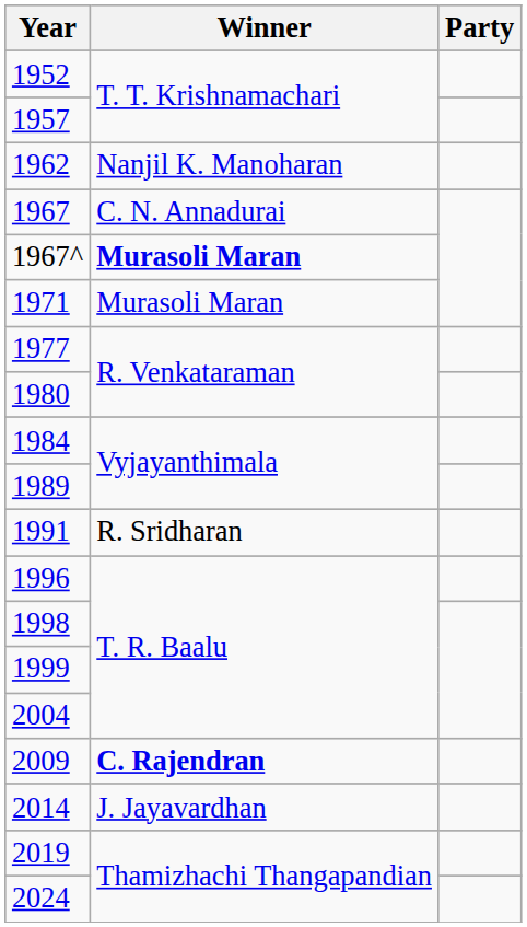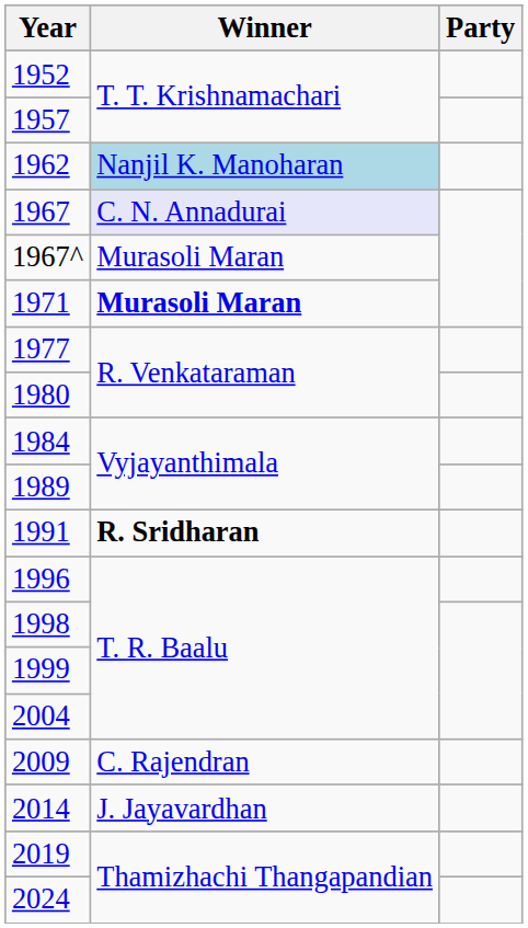 <table class="wikitable">
 <tr>
 <th>Year</th>
 <th>Winner</th>
 <th colspan=2>Party</th>
 </tr>
 <tr>
 <td><a href='#'>1952</a></td>
 <td rowspan="2"><a href='#'>T. T. Krishnamachari</a></td>
 <td></td>
 </tr>
 <tr --->
 <td><a href='#'>1957</a></td>
 </tr>
 <tr --->
 <td><a href='#'>1962</a></td>
-<td><a href='#'>Nanjil K. Manoharan</a></td>
+<td style="background: lightblue;"><a href='#'>Nanjil K. Manoharan</a></td>
 <td></td>
 </tr>
 <tr --->
 <td><a href='#'>1967</a></td>
-<td><a href='#'>C. N. Annadurai</a></td>
+<td style="background: lavender;"><a href='#'>C. N. Annadurai</a></td>
 </tr>
 <tr --->
 <td>1967^</td>
-<td><strong><a href='#'>Murasoli Maran</a></strong></td>
+<td><a href='#'>Murasoli Maran</a></td>
 </tr>
 <tr --->
 <td><a href='#'>1971</a></td>
-<td><a href='#'>Murasoli Maran</a></td>
+<td><strong><a href='#'>Murasoli Maran</a></strong></td>
 </tr>
 <tr --->
 <td><a href='#'>1977</a></td>
 <td rowspan="2"><a href='#'>R. Venkataraman</a></td>
 <td></td>
 </tr>
 <tr --->
 <td><a href='#'>1980</a></td>
 <td></td>
 </tr>
 <tr --->
 <td><a href='#'>1984</a></td>
 <td rowspan="2"><a href='#'>Vyjayanthimala</a></td>
 <td></td>
 </tr>
 <tr --->
 <td><a href='#'>1989</a></td>
 </tr>
 <tr --->
 <td><a href='#'>1991</a></td>
-<td>R. Sridharan</td>
+<td><strong>R. Sridharan</strong></td>
 <td></td>
 </tr>
 <tr --->
 <td><a href='#'>1996</a></td>
 <td rowspan="4"><a href='#'>T. R. Baalu</a></td>
 <td></td>
 </tr>
 <tr --->
 <td><a href='#'>1998</a></td>
 </tr>
 <tr --->
 <td><a href='#'>1999</a></td>
 </tr>
 <tr --->
 <td><a href='#'>2004</a></td>
 </tr>
 <tr --->
 <td><a href='#'>2009</a></td>
-<td><strong><a href='#'>C. Rajendran</a></strong></td>
+<td><a href='#'>C. Rajendran</a></td>
 <td></td>
 </tr>
 <tr --->
 <td><a href='#'>2014</a></td>
 <td><a href='#'>J. Jayavardhan</a></td>
 </tr>
 <tr --->
 <td><a href='#'>2019</a></td>
 <td rowspan="2"><a href='#'>Thamizhachi Thangapandian</a></td>
 <td></td>
 </tr>
 <tr --->
 <td><a href='#'>2024</a></td>
 </tr>
 <tr --->
 </tr>
 <tr>
 </tr>
 </table>
